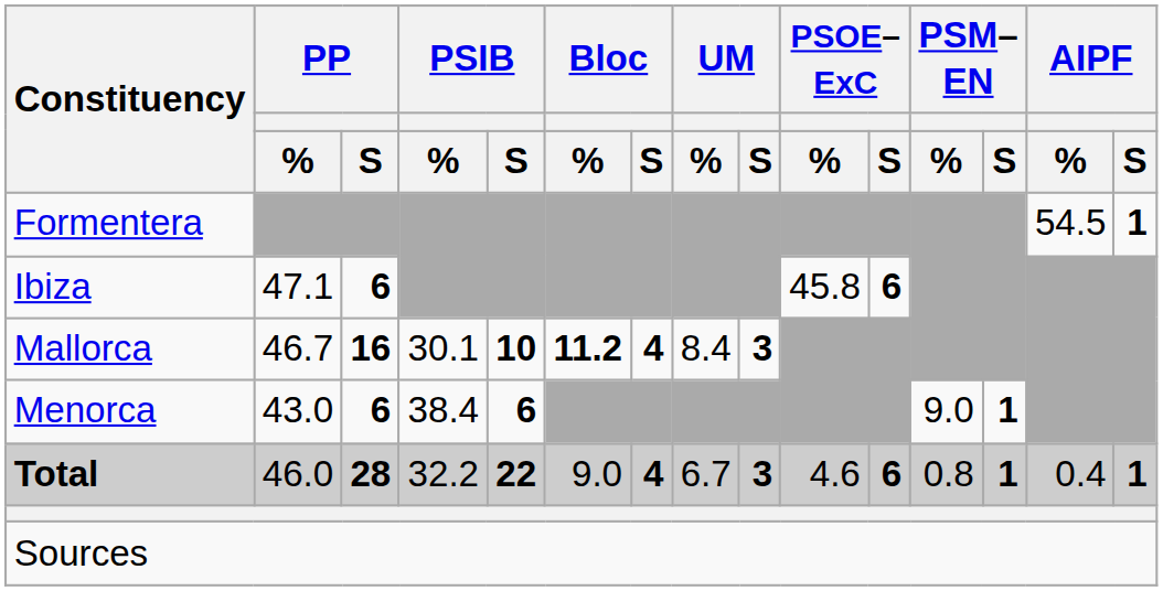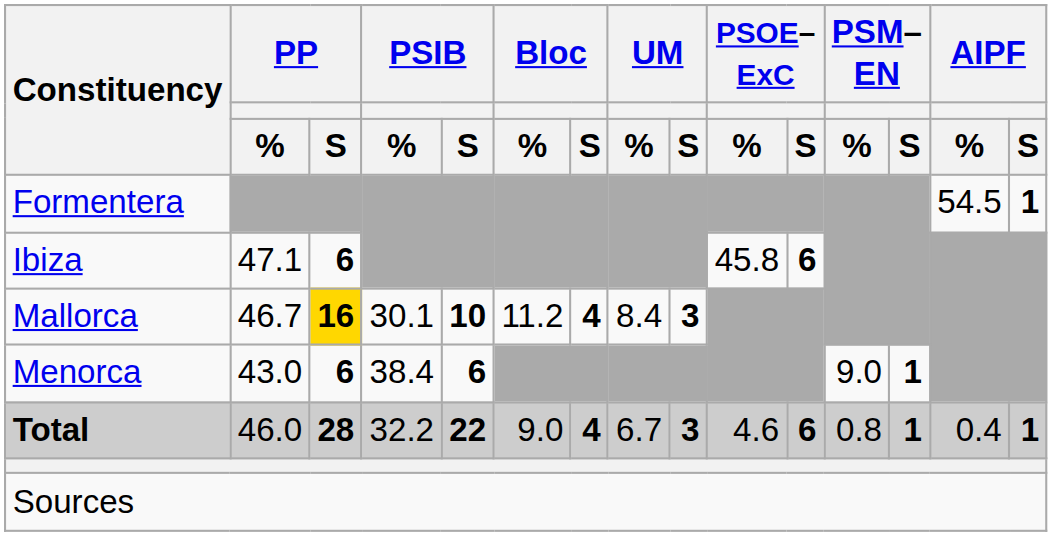 <table class="wikitable sortable" style="text-align:right; line-height:20px;">
 <tr>
 <th rowspan="3">Constituency</th>
 <th colspan="2" width="30px" class="unsortable"><a href='#'>PP</a></th>
 <th colspan="2" width="30px" class="unsortable"><a href='#'>PSIB</a></th>
 <th colspan="2" width="30px" class="unsortable"><a href='#'>Bloc</a></th>
 <th colspan="2" width="30px" class="unsortable"><a href='#'>UM</a></th>
 <th colspan="2" width="30px" class="unsortable" style="font-size:90%;"><a href='#'>PSOE</a>–<a href='#'>ExC</a></th>
 <th colspan="2" width="30px" class="unsortable"><a href='#'>PSM</a>–<a href='#'>EN</a></th>
 <th colspan="2" width="30px" class="unsortable"><a href='#'>AIPF</a></th>
 </tr>
 <tr>
 <th colspan="2" style="background:"></th>
 <th colspan="2" style="background:"></th>
 <th colspan="2" style="background:"></th>
 <th colspan="2" style="background:"></th>
 <th colspan="2" style="background:"></th>
 <th colspan="2" style="background:"></th>
 <th colspan="2" style="background:"></th>
 </tr>
 <tr>
 <th data-sort-type="number">%</th>
 <th data-sort-type="number">S</th>
 <th data-sort-type="number">%</th>
 <th data-sort-type="number">S</th>
 <th data-sort-type="number">%</th>
 <th data-sort-type="number">S</th>
 <th data-sort-type="number">%</th>
 <th data-sort-type="number">S</th>
 <th data-sort-type="number">%</th>
 <th data-sort-type="number">S</th>
 <th data-sort-type="number">%</th>
 <th data-sort-type="number">S</th>
 <th data-sort-type="number">%</th>
 <th data-sort-type="number">S</th>
 </tr>
 <tr>
 <td align="left"><a href='#'>Formentera</a></td>
 <td colspan="2" bgcolor="#AAAAAA"></td>
 <td colspan="2" rowspan="2" bgcolor="#AAAAAA"></td>
 <td colspan="2" rowspan="2" bgcolor="#AAAAAA"></td>
 <td colspan="2" rowspan="2" bgcolor="#AAAAAA"></td>
 <td colspan="2" bgcolor="#AAAAAA"></td>
 <td colspan="2" rowspan="3" bgcolor="#AAAAAA"></td>
 <td style="background:">54.5</td>
 <td><strong>1</strong></td>
 </tr>
 <tr>
 <td align="left"><a href='#'>Ibiza</a></td>
 <td style="background:">47.1</td>
 <td><strong>6</strong></td>
 <td>45.8</td>
 <td><strong>6</strong></td>
 <td colspan="2" rowspan="3" bgcolor="#AAAAAA"></td>
 </tr>
 <tr>
 <td align="left"><a href='#'>Mallorca</a></td>
 <td style="background:">46.7</td>
-<td><strong>16</strong></td>
+<td style="background: gold;"><strong>16</strong></td>
 <td>30.1</td>
 <td><strong>10</strong></td>
-<td><strong>11.2</strong></td>
+<td>11.2</td>
 <td><strong>4</strong></td>
 <td>8.4</td>
 <td><strong>3</strong></td>
 <td colspan="2" rowspan="2" bgcolor="#AAAAAA"></td>
 </tr>
 <tr>
 <td align="left"><a href='#'>Menorca</a></td>
 <td style="background:">43.0</td>
 <td><strong>6</strong></td>
 <td>38.4</td>
 <td><strong>6</strong></td>
 <td colspan="2" bgcolor="#AAAAAA"></td>
 <td colspan="2" bgcolor="#AAAAAA"></td>
 <td>9.0</td>
 <td><strong>1</strong></td>
 </tr>
 <tr style="background:#CDCDCD;">
 <td align="left"><strong>Total</strong></td>
 <td style="background:">46.0</td>
 <td><strong>28</strong></td>
 <td>32.2</td>
 <td><strong>22</strong></td>
 <td>9.0</td>
 <td><strong>4</strong></td>
 <td>6.7</td>
 <td><strong>3</strong></td>
 <td>4.6</td>
 <td><strong>6</strong></td>
 <td>0.8</td>
 <td><strong>1</strong></td>
 <td>0.4</td>
 <td><strong>1</strong></td>
 </tr>
 <tr>
 <th colspan="15"></th>
 </tr>
 <tr>
 <th style="text-align:left; font-weight:normal; background:#F9F9F9" colspan="15">Sources</th>
 </tr>
 </table>
